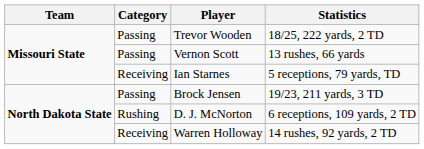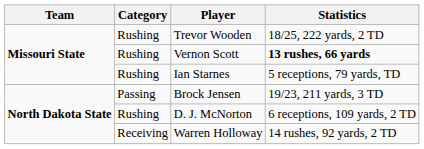 <table class="wikitable" style="float: right;">
 <tr>
 <th>Team</th>
 <th>Category</th>
 <th>Player</th>
 <th>Statistics</th>
 </tr>
 <tr>
 <td rowspan=3><strong>Missouri State</strong></td>
-<td>Passing</td>
+<td>Rushing</td>
 <td>Trevor Wooden</td>
 <td>18/25, 222 yards, 2 TD</td>
 </tr>
 <tr>
-<td>Passing</td>
+<td>Rushing</td>
 <td>Vernon Scott</td>
-<td>13 rushes, 66 yards</td>
+<td><strong>13 rushes, 66 yards</strong></td>
 </tr>
 <tr>
-<td>Receiving</td>
+<td>Rushing</td>
 <td>Ian Starnes</td>
 <td>5 receptions, 79 yards, TD</td>
 </tr>
 <tr>
 <td rowspan=3><strong>North Dakota State</strong></td>
 <td>Passing</td>
 <td>Brock Jensen</td>
 <td>19/23, 211 yards, 3 TD</td>
 </tr>
 <tr>
 <td>Rushing</td>
 <td>D. J. McNorton</td>
 <td>6 receptions, 109 yards, 2 TD</td>
 </tr>
 <tr>
 <td>Receiving</td>
 <td>Warren Holloway</td>
 <td>14 rushes, 92 yards, 2 TD</td>
 </tr>
 </table>
